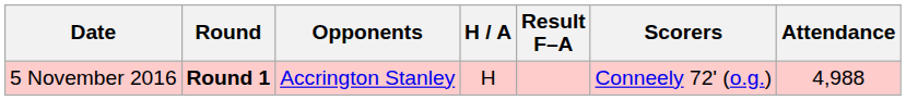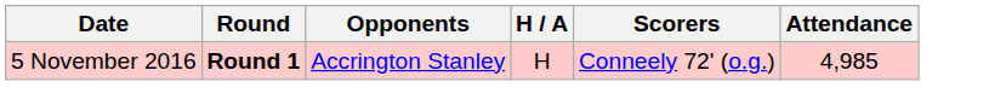 <table class="wikitable" style="text-align:center">
 <tr>
 <th>Date</th>
 <th>Round</th>
 <th>Opponents</th>
 <th>H / A</th>
-<th>Result<br>F–A</th>
 <th>Scorers</th>
 <th>Attendance</th>
 </tr>
 <tr bgcolor="#FFCCCC">
 <td>5 November 2016</td>
 <td><strong>Round 1</strong></td>
 <td><a href='#'>Accrington Stanley</a></td>
 <td>H</td>
-<td></td>
 <td><a href='#'>Conneely</a> 72' (<a href='#'>o.g.</a>)</td>
-<td>4,988</td>
+<td>4,985</td>
 </tr>
 </table>
